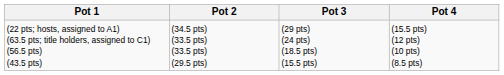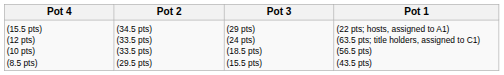 <table class=wikitable>
 <tr>
-<th width=30%>Pot 1</th>
+<th width=20%>Pot 4</th>
 <th width=20%>Pot 2</th>
 <th width=20%>Pot 3</th>
-<th width=20%>Pot 4</th>
+<th width=30%>Pot 1</th>
 </tr>
 <tr valign=top>
-<td> <small>(22 pts; hosts, assigned to A1)</small><br> <small>(63.5 pts; title holders, assigned to C1)</small><br> <small>(56.5 pts)</small><br> <small>(43.5 pts)</small></td>
+<td> <small>(15.5 pts)</small><br> <small>(12 pts)</small><br> <small>(10 pts)</small><br> <small>(8.5 pts)</small></td>
 <td> <small>(34.5 pts)</small><br> <small>(33.5 pts)</small><br> <small>(33.5 pts)</small><br> <small>(29.5 pts)</small></td>
 <td> <small>(29 pts)</small><br> <small>(24 pts)</small><br> <small>(18.5 pts)</small><br> <small>(15.5 pts)</small></td>
-<td> <small>(15.5 pts)</small><br> <small>(12 pts)</small><br> <small>(10 pts)</small><br> <small>(8.5 pts)</small></td>
+<td> <small>(22 pts; hosts, assigned to A1)</small><br> <small>(63.5 pts; title holders, assigned to C1)</small><br> <small>(56.5 pts)</small><br> <small>(43.5 pts)</small></td>
 </tr>
 </table>
